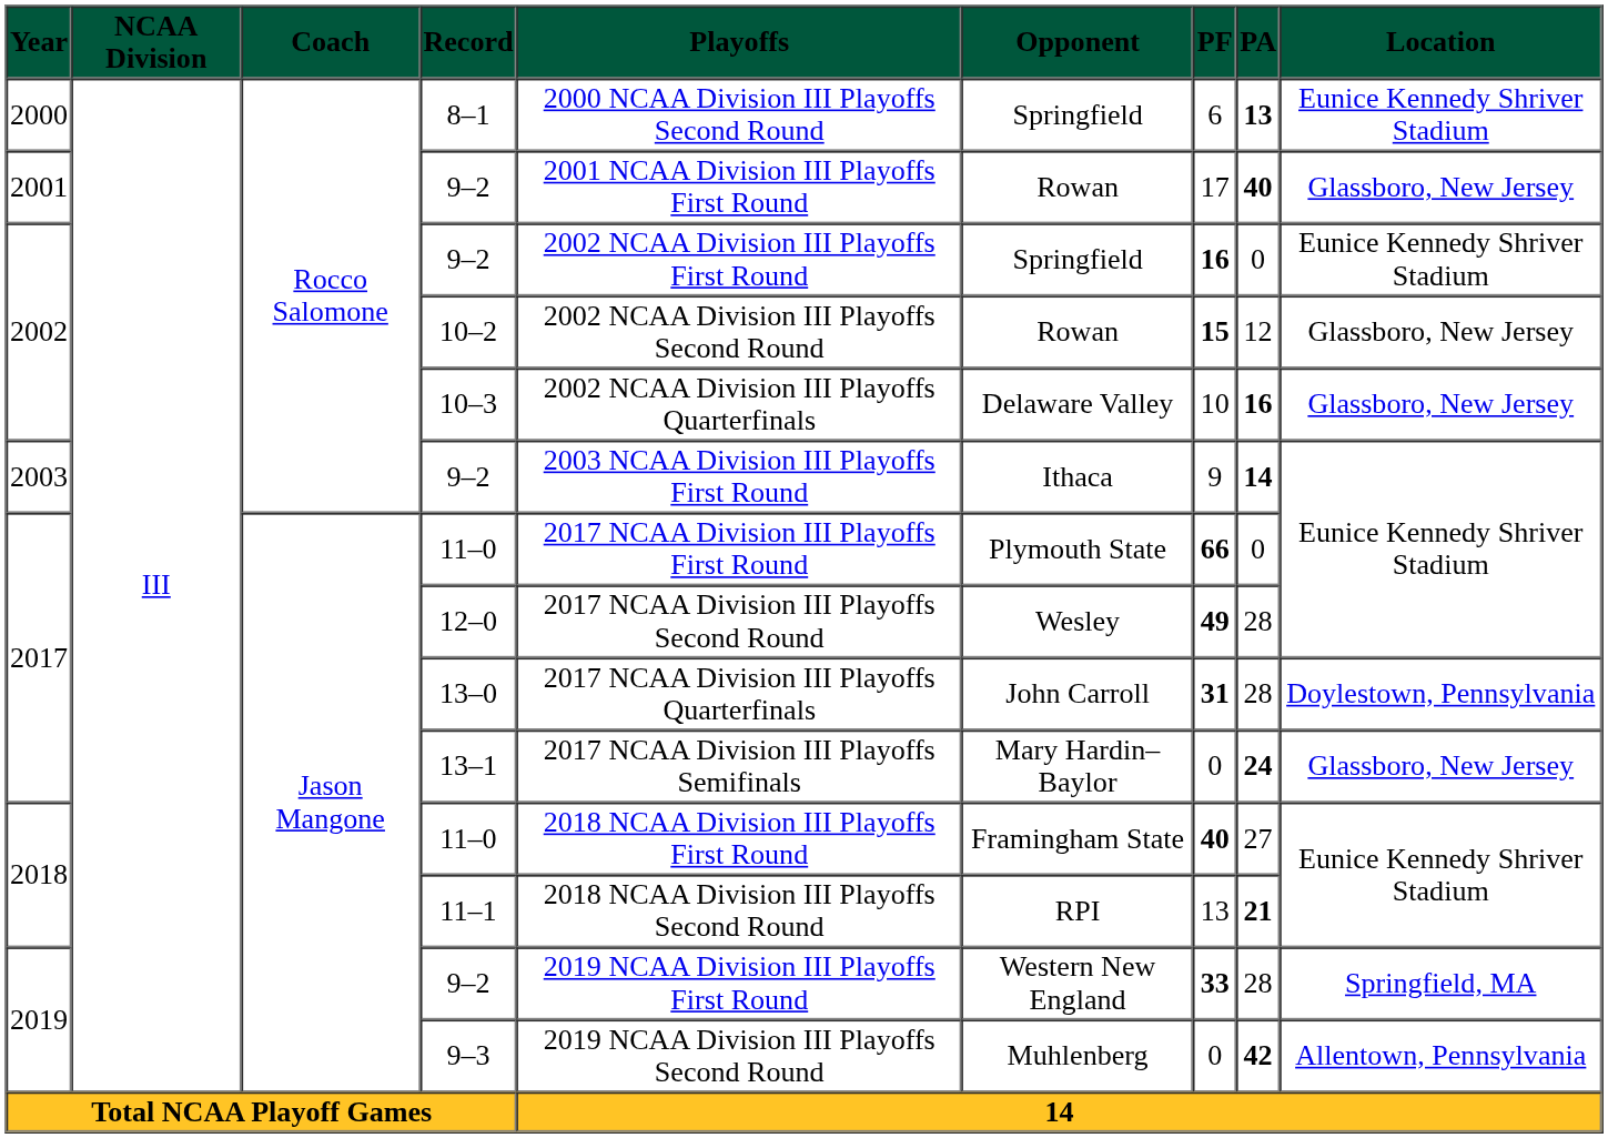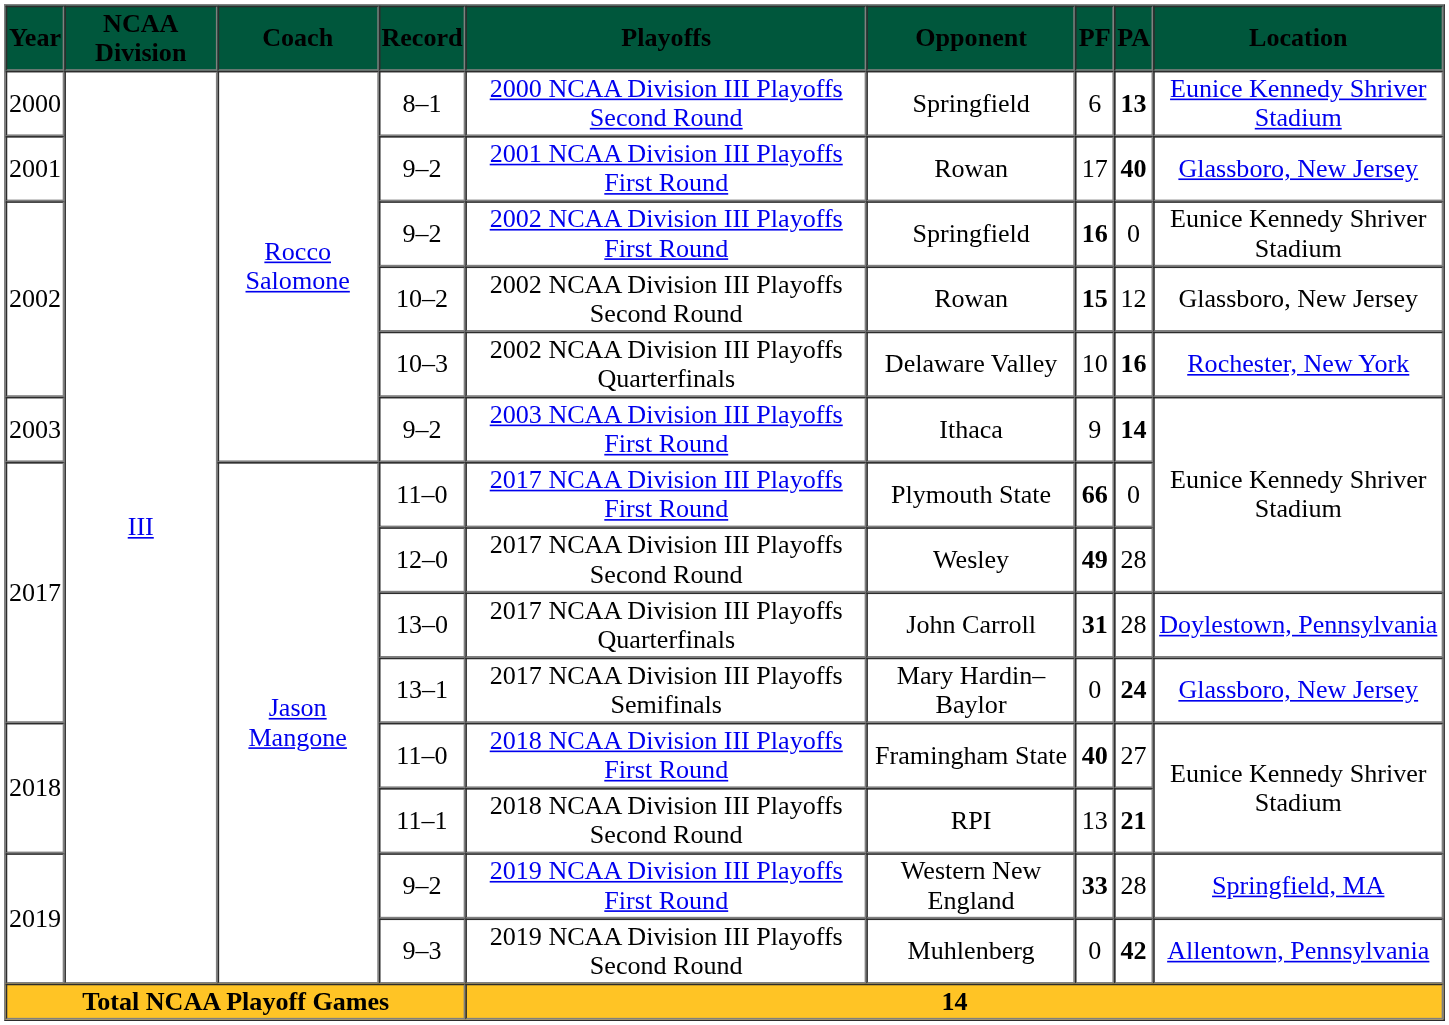 <table cellpadding="1" border="1" cellspacing="0">
 <tr>
 <th bgcolor="#00573C"><span>Year</span></th>
 <th bgcolor="#00573C"><span>NCAA Division</span></th>
 <th bgcolor="#00573C"><span>Coach</span></th>
 <th bgcolor="#00573C"><span>Record</span></th>
 <th bgcolor="#00573C"><span>Playoffs</span></th>
 <th bgcolor="#00573C"><span>Opponent</span></th>
 <th bgcolor="#00573C"><span>PF</span></th>
 <th bgcolor="#00573C"><span>PA</span></th>
 <th bgcolor="#00573C"><span>Location</span></th>
 </tr>
 <tr align="center">
 <td>2000</td>
 <td rowspan="14"><a href='#'>III</a></td>
 <td rowspan="6"><a href='#'>Rocco Salomone</a></td>
 <td>8–1</td>
 <td><a href='#'>2000 NCAA Division III Playoffs Second Round</a></td>
 <td>Springfield</td>
 <td>6</td>
 <td><strong>13</strong></td>
 <td><a href='#'>Eunice Kennedy Shriver Stadium</a></td>
 </tr>
 <tr align="center">
 <td>2001</td>
 <td>9–2</td>
 <td><a href='#'>2001 NCAA Division III Playoffs First Round</a></td>
 <td>Rowan</td>
 <td>17</td>
 <td><strong>40</strong></td>
 <td><a href='#'>Glassboro, New Jersey</a></td>
 </tr>
 <tr align="center">
 <td rowspan="3">2002</td>
 <td>9–2</td>
 <td><a href='#'>2002 NCAA Division III Playoffs First Round</a></td>
 <td>Springfield</td>
 <td><strong>16</strong></td>
 <td>0</td>
 <td>Eunice Kennedy Shriver Stadium</td>
 </tr>
 <tr align="center">
 <td>10–2</td>
 <td>2002 NCAA Division III Playoffs Second Round</td>
 <td>Rowan</td>
 <td><strong>15</strong></td>
 <td>12</td>
 <td>Glassboro, New Jersey</td>
 </tr>
 <tr align="center">
 <td>10–3</td>
 <td>2002 NCAA Division III Playoffs Quarterfinals</td>
 <td>Delaware Valley</td>
 <td>10</td>
 <td><strong>16</strong></td>
-<td><a href='#'>Glassboro, New Jersey</a></td>
+<td><a href='#'>Rochester, New York</a></td>
 </tr>
 <tr align="center">
 <td>2003</td>
 <td>9–2</td>
 <td><a href='#'>2003 NCAA Division III Playoffs First Round</a></td>
 <td>Ithaca</td>
 <td>9</td>
 <td><strong>14</strong></td>
 <td rowspan="3">Eunice Kennedy Shriver Stadium</td>
 </tr>
 <tr align="center">
 <td rowspan="4">2017</td>
 <td rowspan="8"><a href='#'>Jason Mangone</a></td>
 <td>11–0</td>
 <td><a href='#'>2017 NCAA Division III Playoffs First Round</a></td>
 <td>Plymouth State</td>
 <td><strong>66</strong></td>
 <td>0</td>
 </tr>
 <tr align="center">
 <td>12–0</td>
 <td>2017 NCAA Division III Playoffs Second Round</td>
 <td>Wesley</td>
 <td><strong>49</strong></td>
 <td>28</td>
 </tr>
 <tr align="center">
 <td>13–0</td>
 <td>2017 NCAA Division III Playoffs Quarterfinals</td>
 <td>John Carroll</td>
 <td><strong>31</strong></td>
 <td>28</td>
 <td><a href='#'>Doylestown, Pennsylvania</a></td>
 </tr>
 <tr align="center">
 <td>13–1</td>
 <td>2017 NCAA Division III Playoffs Semifinals</td>
 <td>Mary Hardin–Baylor</td>
 <td>0</td>
 <td><strong>24</strong></td>
 <td><a href='#'>Glassboro, New Jersey</a></td>
 </tr>
 <tr align="center">
 <td rowspan="2">2018</td>
 <td>11–0</td>
 <td><a href='#'>2018 NCAA Division III Playoffs First Round</a></td>
 <td>Framingham State</td>
 <td><strong>40</strong></td>
 <td>27</td>
 <td rowspan="2">Eunice Kennedy Shriver Stadium</td>
 </tr>
 <tr align="center">
 <td>11–1</td>
 <td>2018 NCAA Division III Playoffs Second Round</td>
 <td>RPI</td>
 <td>13</td>
 <td><strong>21</strong></td>
 </tr>
 <tr align="center">
 <td rowspan="2">2019</td>
 <td>9–2</td>
 <td><a href='#'>2019 NCAA Division III Playoffs First Round</a></td>
 <td>Western New England</td>
 <td><strong>33</strong></td>
 <td>28</td>
 <td><a href='#'>Springfield, MA</a></td>
 </tr>
 <tr align="center">
 <td>9–3</td>
 <td>2019 NCAA Division III Playoffs Second Round</td>
 <td>Muhlenberg</td>
 <td>0</td>
 <td><strong>42</strong></td>
 <td><a href='#'>Allentown, Pennsylvania</a></td>
 </tr>
 <tr align="center">
 <td colspan="4" bgcolor="#FFC425"><span> <strong>Total NCAA Playoff Games</strong></span></td>
 <td colspan="5" bgcolor="#FFC425"><span> <strong>14</strong></span></td>
 </tr>
 <tr align="center">
 </tr>
 </table>
